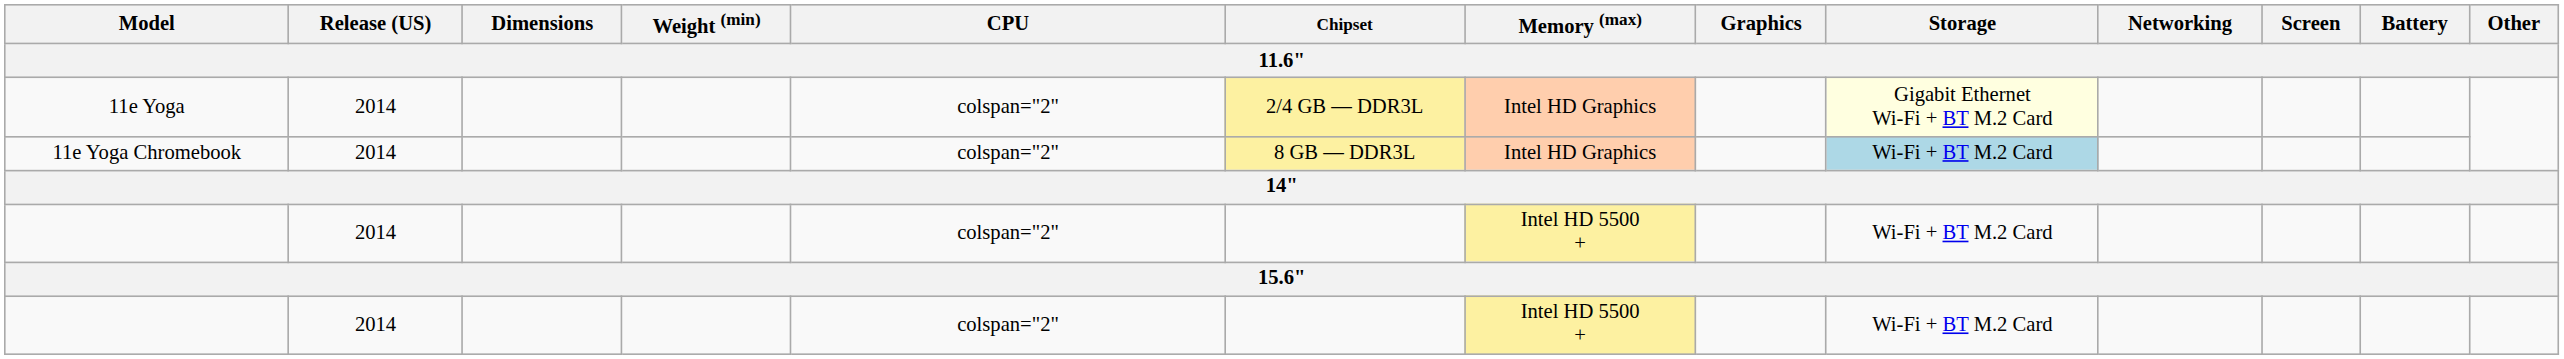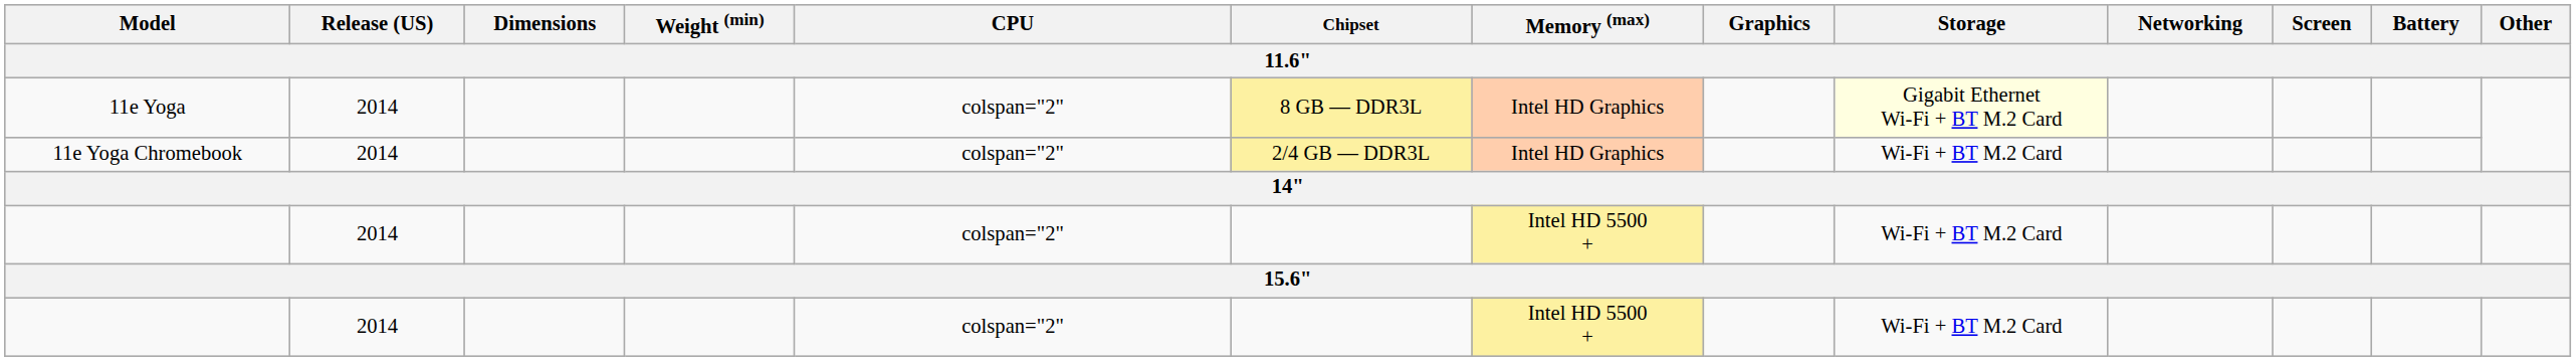 <table class="wikitable" style="font-size: 80%; text-align: center; min-width: 80%;">
 <tr>
 <th>Model</th>
 <th>Release (US)</th>
 <th>Dimensions</th>
 <th>Weight <sup>(min)</sup></th>
 <th style="width:17%">CPU</th>
 <th><small>Chipset</small></th>
 <th>Memory <sup>(max)</sup></th>
 <th>Graphics</th>
 <th>Storage</th>
 <th>Networking</th>
 <th>Screen</th>
 <th>Battery</th>
 <th>Other</th>
 </tr>
 <tr>
 <th colspan=13>11.6"</th>
 </tr>
 <tr>
 <td>11e Yoga</td>
 <td>2014</td>
 <td></td>
 <td></td>
 <td>colspan="2" </td>
-<td style="background:#fdf1a1;">2/4 GB — DDR3L  <br></td>
+<td style="background:#fdf1a1;">8 GB — DDR3L  <br></td>
 <td style="background:#ffcead;">Intel HD Graphics</td>
 <td></td>
 <td style="background: lightyellow;">Gigabit Ethernet<br>Wi-Fi + <a href='#'>BT</a> M.2 Card</td>
 <td></td>
 <td></td>
 <td><br></td>
 </tr>
 <tr>
 <td>11e Yoga Chromebook</td>
 <td>2014</td>
 <td></td>
 <td></td>
 <td>colspan="2" </td>
-<td style="background:#fdf1a1;">8 GB — DDR3L  <br></td>
+<td style="background:#fdf1a1;">2/4 GB — DDR3L  <br></td>
 <td style="background:#ffcead;">Intel HD Graphics</td>
 <td></td>
-<td style="background: lightblue;">Wi-Fi + <a href='#'>BT</a> M.2 Card</td>
+<td>Wi-Fi + <a href='#'>BT</a> M.2 Card</td>
 <td></td>
 <td></td>
 <td><br></td>
 </tr>
 <tr>
 <th colspan="13">14"</th>
 </tr>
 <tr>
 <td></td>
 <td>2014</td>
 <td></td>
 <td></td>
 <td>colspan="2" </td>
 <td></td>
 <td style="background:#fdf1a1;">Intel HD 5500<br>+ </td>
 <td></td>
 <td>Wi-Fi + <a href='#'>BT</a> M.2 Card</td>
 <td></td>
 <td></td>
 <td></td>
 </tr>
 <tr>
 <th colspan="13">15.6"</th>
 </tr>
 <tr>
 <td></td>
 <td>2014</td>
 <td></td>
 <td></td>
 <td>colspan="2" </td>
 <td></td>
 <td style="background:#fdf1a1;">Intel HD 5500<br>+ </td>
 <td></td>
 <td>Wi-Fi + <a href='#'>BT</a> M.2 Card<br><small></small></td>
 <td></td>
 <td></td>
 <td></td>
 </tr>
 </table>
